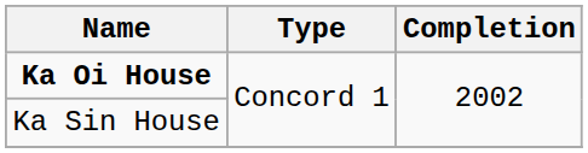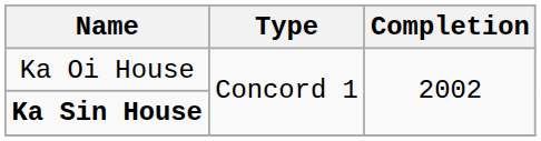 <table class="wikitable" style="text-align: center">
 <tr>
 <th>Name</th>
 <th>Type</th>
 <th>Completion</th>
 </tr>
 <tr>
-<td><strong>Ka Oi House</strong></td>
+<td>Ka Oi House</td>
 <td rowspan="2">Concord 1</td>
 <td rowspan="2">2002</td>
 </tr>
 <tr>
-<td>Ka Sin House</td>
+<td><strong>Ka Sin House</strong></td>
 </tr>
 <tr>
 </tr>
 </table>
